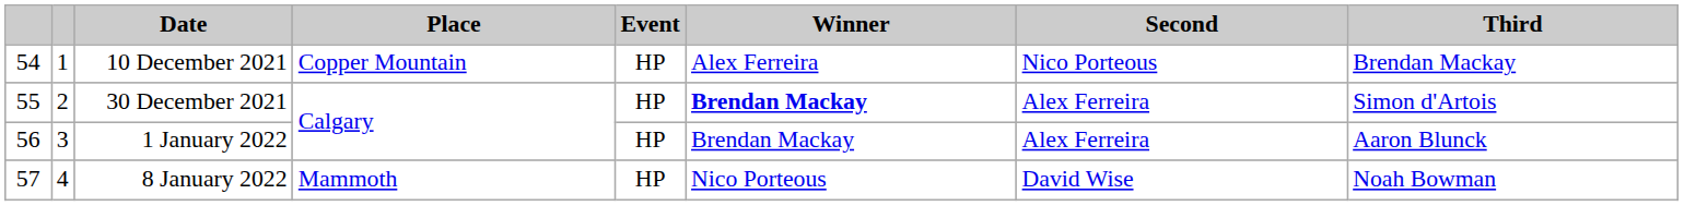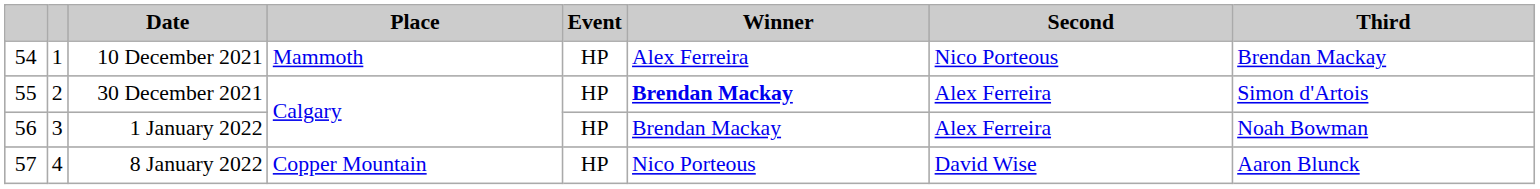 <table class="wikitable plainrowheaders" style="background:#fff; font-size:86%; line-height:16px; border:grey solid 1px; border-collapse:collapse;">
 <tr>
 <th scope="col" style="background:#ccc; width:20px;"></th>
 <th scope="col" style="background:#ccc; width=30 px;"></th>
 <th scope="col" style="background:#ccc; width:120px;">Date</th>
 <th scope="col" style="background:#ccc; width:180px;">Place</th>
 <th scope="col" style="background:#ccc; width:15px;">Event</th>
 <th scope="col" style="background:#ccc; width:185px;">Winner</th>
 <th scope="col" style="background:#ccc; width:185px;">Second</th>
 <th scope="col" style="background:#ccc; width:185px;">Third</th>
 </tr>
 <tr>
 <td align="center">54</td>
 <td align="center">1</td>
 <td align="right">10 December 2021</td>
-<td> <a href='#'>Copper Mountain</a></td>
+<td> <a href='#'>Mammoth</a></td>
 <td align="center">HP</td>
 <td> <a href='#'>Alex Ferreira</a></td>
 <td> <a href='#'>Nico Porteous</a></td>
 <td> <a href='#'>Brendan Mackay</a></td>
 </tr>
 <tr>
 <td align="center">55</td>
 <td align="center">2</td>
 <td align="right">30 December 2021</td>
 <td rowspan="2"> <a href='#'>Calgary</a></td>
 <td align="center">HP</td>
 <td><strong> <a href='#'>Brendan Mackay</a></strong></td>
 <td> <a href='#'>Alex Ferreira</a></td>
 <td> <a href='#'>Simon d'Artois</a></td>
 </tr>
 <tr>
 <td align="center">56</td>
 <td align="center">3</td>
 <td align="right">1 January 2022</td>
 <td align="center">HP</td>
 <td> <a href='#'>Brendan Mackay</a></td>
 <td> <a href='#'>Alex Ferreira</a></td>
-<td> <a href='#'>Aaron Blunck</a></td>
+<td> <a href='#'>Noah Bowman</a></td>
 </tr>
 <tr>
 <td align="center">57</td>
 <td align="center">4</td>
 <td align="right">8 January 2022</td>
-<td> <a href='#'>Mammoth</a></td>
+<td> <a href='#'>Copper Mountain</a></td>
 <td align="center">HP</td>
 <td> <a href='#'>Nico Porteous</a></td>
 <td> <a href='#'>David Wise</a></td>
-<td> <a href='#'>Noah Bowman</a></td>
+<td> <a href='#'>Aaron Blunck</a></td>
 </tr>
 </table>
